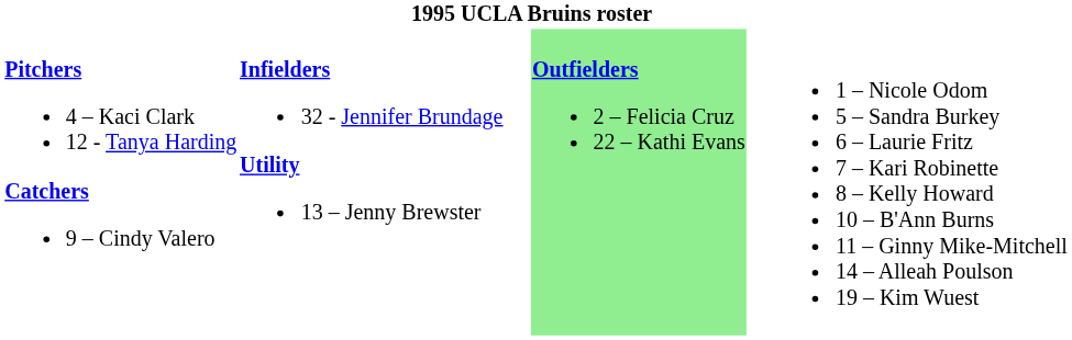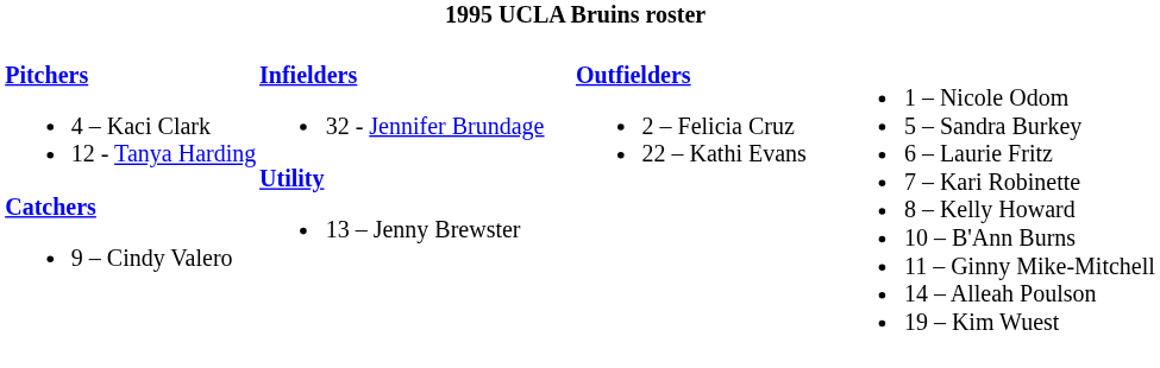 <table class="toccolours" style="border-collapse:collapse; font-size:90%;">
 <tr>
 <th colspan=9>1995 UCLA Bruins roster</th>
 </tr>
 <tr>
 <td width="03"> </td>
 <td valign="top"><br><strong><a href='#'>Pitchers</a></strong><ul><li>4 – Kaci Clark</li><li>12 - <a href='#'>Tanya Harding</a></li></ul><strong><a href='#'>Catchers</a></strong><ul><li>9 – Cindy Valero</li></ul></td>
 <td valign="top"><br><strong><a href='#'>Infielders</a></strong><ul><li>32 - <a href='#'>Jennifer Brundage</a></li></ul><strong><a href='#'>Utility</a></strong><ul><li>13 – Jenny Brewster</li></ul></td>
 <td width="15"> </td>
-<td valign="top" style="background: lightgreen;"><br><strong><a href='#'>Outfielders</a></strong><ul><li>2 – Felicia Cruz</li><li>22 – Kathi Evans</li></ul></td>
+<td valign="top"><br><strong><a href='#'>Outfielders</a></strong><ul><li>2 – Felicia Cruz</li><li>22 – Kathi Evans</li></ul></td>
 <td width="15"> </td>
 <td valign="top"><br><ul><li>1 – Nicole Odom</li><li>5 – Sandra Burkey</li><li>6 – Laurie Fritz</li><li>7 – Kari Robinette</li><li>8 – Kelly Howard</li><li>10 – B'Ann Burns</li><li>11 – Ginny Mike-Mitchell</li><li>14 – Alleah Poulson</li><li>19 – Kim Wuest</li></ul></td>
 </tr>
 </table>
